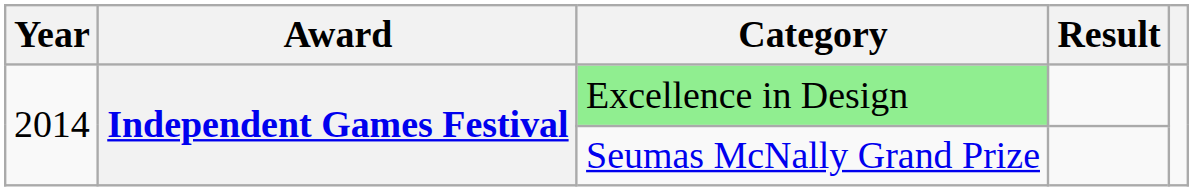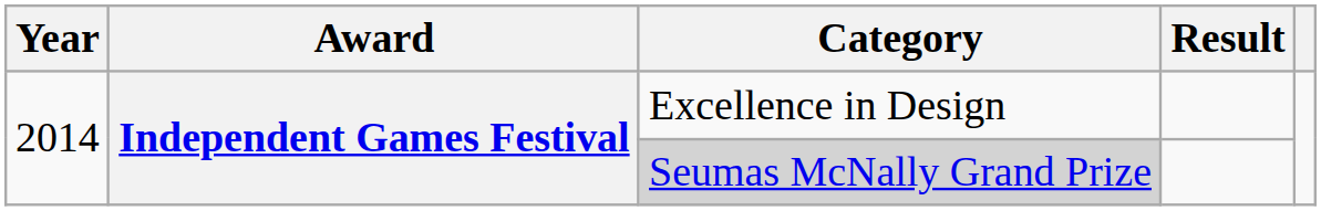 <table class="wikitable plainrowheaders">
 <tr>
 <th>Year</th>
 <th>Award</th>
 <th>Category</th>
 <th>Result</th>
 <th></th>
 </tr>
 <tr>
 <td rowspan="2">2014</td>
 <th rowspan="2" scope="row"><a href='#'>Independent Games Festival</a></th>
-<td style="background: lightgreen;">Excellence in Design</td>
+<td>Excellence in Design</td>
 <td></td>
 <td style="text-align:center;" rowspan="2"></td>
 </tr>
 <tr>
-<td><a href='#'>Seumas McNally Grand Prize</a></td>
+<td style="background: lightgrey;"><a href='#'>Seumas McNally Grand Prize</a></td>
 <td></td>
 </tr>
 </table>
